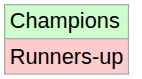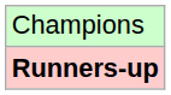 <table class="wikitable">
 <tr style="background:#cfc;">
 <td>Champions</td>
 </tr>
 <tr style="background:#fcc;">
-<td>Runners-up</td>
+<td><strong>Runners-up</strong></td>
 </tr>
 </table>
